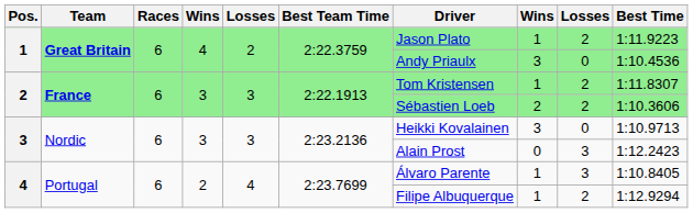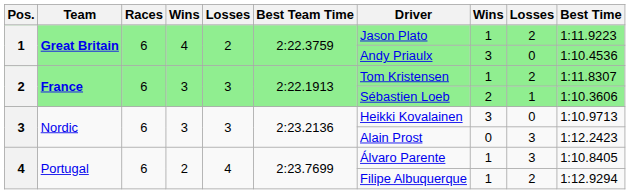 <table class="wikitable" style="font-size: 95%;">
 <tr>
 <th>Pos.</th>
 <th>Team</th>
 <th>Races</th>
 <th>Wins</th>
 <th>Losses</th>
 <th>Best Team Time</th>
 <th>Driver</th>
 <th>Wins</th>
 <th>Losses</th>
 <th>Best Time</th>
 </tr>
 <tr style="background:lightgreen;">
 <th rowspan=2>1</th>
 <td rowspan=2> <strong><a href='#'>Great Britain</a></strong></td>
 <td rowspan=2 align=center>6</td>
 <td rowspan=2 align=center>4</td>
 <td rowspan=2 align=center>2</td>
 <td rowspan=2 align=center>2:22.3759</td>
 <td> <a href='#'>Jason Plato</a></td>
 <td align=center>1</td>
 <td align=center>2</td>
 <td>1:11.9223</td>
 </tr>
 <tr style="background:lightgreen;">
 <td> <a href='#'>Andy Priaulx</a></td>
 <td align=center>3</td>
 <td align=center>0</td>
 <td>1:10.4536</td>
 </tr>
 <tr style="background:lightgreen;">
 <th rowspan=2>2</th>
 <td rowspan=2> <strong><a href='#'>France</a></strong></td>
 <td rowspan=2 align=center>6</td>
 <td rowspan=2 align=center>3</td>
 <td rowspan=2 align=center>3</td>
 <td rowspan=2 align=center>2:22.1913</td>
 <td> <a href='#'>Tom Kristensen</a></td>
 <td align=center>1</td>
 <td align=center>2</td>
 <td>1:11.8307</td>
 </tr>
 <tr style="background:lightgreen;">
 <td> <a href='#'>Sébastien Loeb</a></td>
 <td align=center>2</td>
-<td align=center>2</td>
+<td align=center>1</td>
 <td>1:10.3606</td>
 </tr>
 <tr>
 <th rowspan=2>3</th>
 <td rowspan=2> <a href='#'>Nordic</a></td>
 <td rowspan=2 align=center>6</td>
 <td rowspan=2 align=center>3</td>
 <td rowspan=2 align=center>3</td>
 <td rowspan=2 align=center>2:23.2136</td>
 <td> <a href='#'>Heikki Kovalainen</a></td>
 <td align=center>3</td>
 <td align=center>0</td>
 <td>1:10.9713</td>
 </tr>
 <tr>
 <td> <a href='#'>Alain Prost</a></td>
 <td align=center>0</td>
 <td align=center>3</td>
 <td>1:12.2423</td>
 </tr>
 <tr>
 <th rowspan=2>4</th>
 <td rowspan=2> <a href='#'>Portugal</a></td>
 <td rowspan=2 align=center>6</td>
 <td rowspan=2 align=center>2</td>
 <td rowspan=2 align=center>4</td>
 <td rowspan=2 align=center>2:23.7699</td>
 <td> <a href='#'>Álvaro Parente</a></td>
 <td align=center>1</td>
 <td align=center>3</td>
 <td>1:10.8405</td>
 </tr>
 <tr>
 <td> <a href='#'>Filipe Albuquerque</a></td>
 <td align=center>1</td>
 <td align=center>2</td>
 <td>1:12.9294</td>
 </tr>
 </table>
